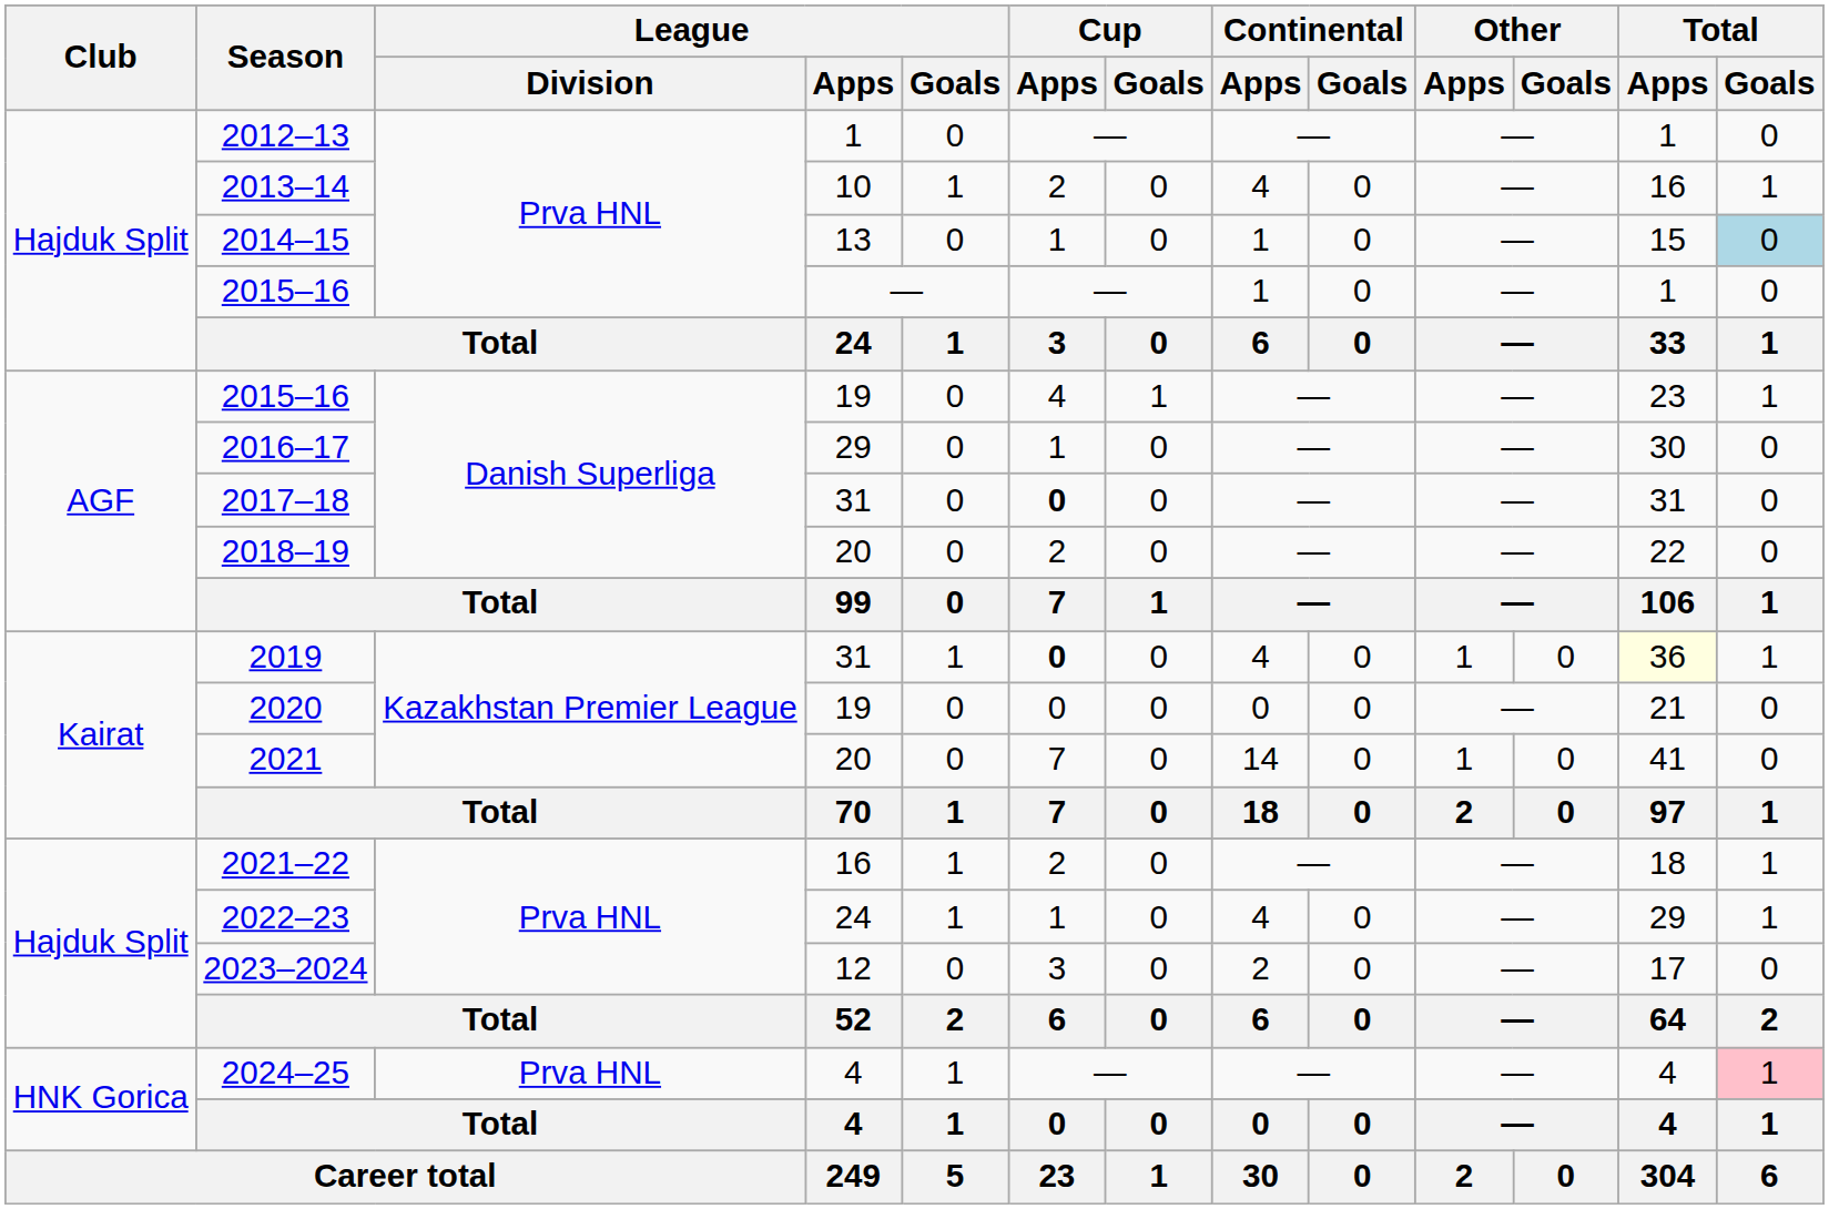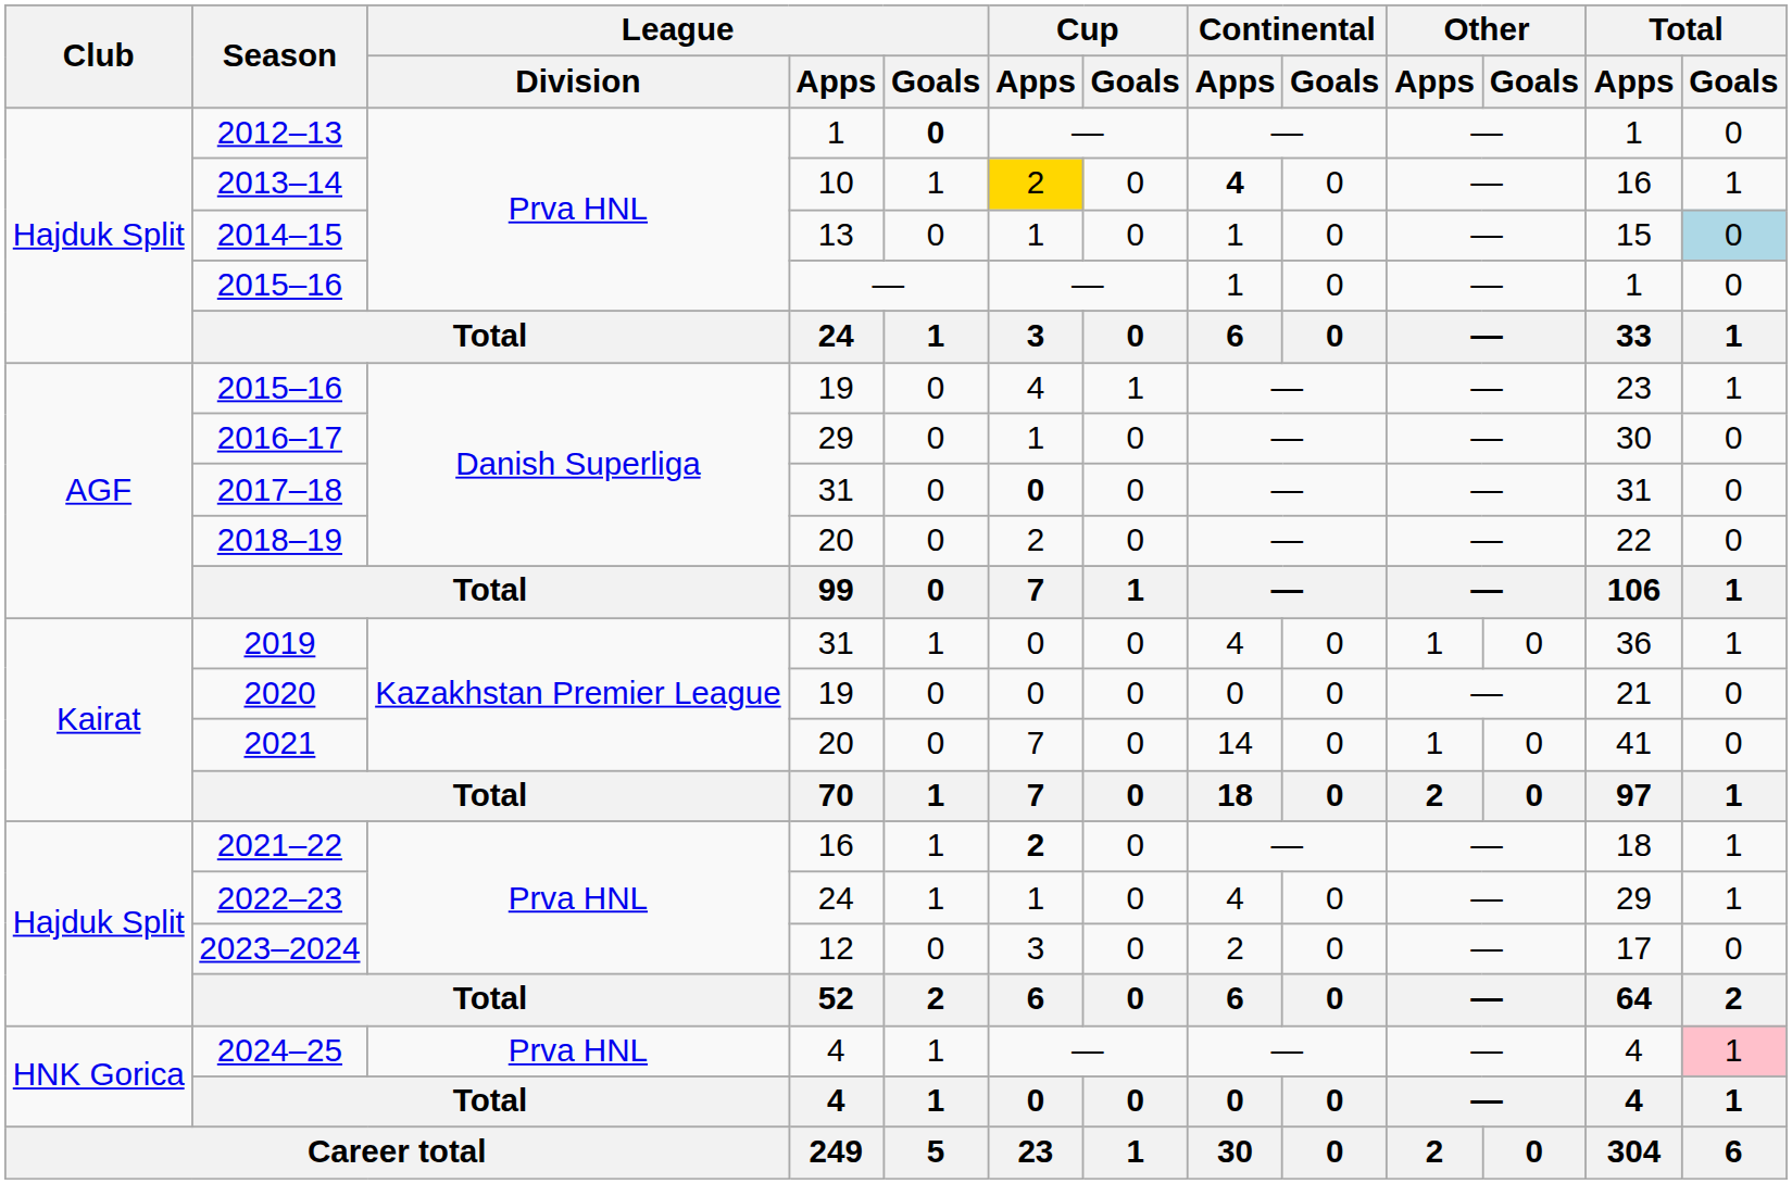 <table class="wikitable" style="text-align:center">
 <tr>
 <th rowspan="2">Club</th>
 <th rowspan="2">Season</th>
 <th colspan="3">League</th>
 <th colspan="2">Cup</th>
 <th colspan="2">Continental</th>
 <th colspan="2">Other</th>
 <th colspan="2">Total</th>
 </tr>
 <tr>
 <th>Division</th>
 <th>Apps</th>
 <th>Goals</th>
 <th>Apps</th>
 <th>Goals</th>
 <th>Apps</th>
 <th>Goals</th>
 <th>Apps</th>
 <th>Goals</th>
 <th>Apps</th>
 <th>Goals</th>
 </tr>
 <tr>
 <td rowspan="5"><a href='#'>Hajduk Split</a></td>
 <td><a href='#'>2012–13</a></td>
 <td rowspan="4"><a href='#'>Prva HNL</a></td>
 <td>1</td>
-<td>0</td>
+<td><strong>0</strong></td>
 <td colspan="2">—</td>
 <td colspan="2">—</td>
 <td colspan="2">—</td>
 <td>1</td>
 <td>0</td>
 </tr>
 <tr>
 <td><a href='#'>2013–14</a></td>
 <td>10</td>
 <td>1</td>
-<td>2</td>
+<td style="background: gold;">2</td>
 <td>0</td>
-<td>4</td>
+<td><strong>4</strong></td>
 <td>0</td>
 <td colspan="2">—</td>
 <td>16</td>
 <td>1</td>
 </tr>
 <tr>
 <td><a href='#'>2014–15</a></td>
 <td>13</td>
 <td>0</td>
 <td>1</td>
 <td>0</td>
 <td>1</td>
 <td>0</td>
 <td colspan="2">—</td>
 <td>15</td>
 <td style="background: lightblue;">0</td>
 </tr>
 <tr>
 <td><a href='#'>2015–16</a></td>
 <td colspan="2">—</td>
 <td colspan="2">—</td>
 <td>1</td>
 <td>0</td>
 <td colspan="2">—</td>
 <td>1</td>
 <td>0</td>
 </tr>
 <tr>
 <th colspan="2">Total</th>
 <th>24</th>
 <th>1</th>
 <th>3</th>
 <th>0</th>
 <th>6</th>
 <th>0</th>
 <th colspan="2">—</th>
 <th>33</th>
 <th>1</th>
 </tr>
 <tr>
 <td rowspan="5"><a href='#'>AGF</a></td>
 <td><a href='#'>2015–16</a></td>
 <td rowspan="4"><a href='#'>Danish Superliga</a></td>
 <td>19</td>
 <td>0</td>
 <td>4</td>
 <td>1</td>
 <td colspan="2">—</td>
 <td colspan="2">—</td>
 <td>23</td>
 <td>1</td>
 </tr>
 <tr>
 <td><a href='#'>2016–17</a></td>
 <td>29</td>
 <td>0</td>
 <td>1</td>
 <td>0</td>
 <td colspan="2">—</td>
 <td colspan="2">—</td>
 <td>30</td>
 <td>0</td>
 </tr>
 <tr>
 <td><a href='#'>2017–18</a></td>
 <td>31</td>
 <td>0</td>
 <td><strong>0</strong></td>
 <td>0</td>
 <td colspan="2">—</td>
 <td colspan="2">—</td>
 <td>31</td>
 <td>0</td>
 </tr>
 <tr>
 <td><a href='#'>2018–19</a></td>
 <td>20</td>
 <td>0</td>
 <td>2</td>
 <td>0</td>
 <td colspan="2">—</td>
 <td colspan="2">—</td>
 <td>22</td>
 <td>0</td>
 </tr>
 <tr>
 <th colspan="2">Total</th>
 <th>99</th>
 <th>0</th>
 <th>7</th>
 <th>1</th>
 <th colspan="2">—</th>
 <th colspan="2">—</th>
 <th>106</th>
 <th>1</th>
 </tr>
 <tr>
 <td rowspan="4"><a href='#'>Kairat</a></td>
 <td><a href='#'>2019</a></td>
 <td rowspan="3"><a href='#'>Kazakhstan Premier League</a></td>
 <td>31</td>
 <td>1</td>
-<td><strong>0</strong></td>
+<td>0</td>
 <td>0</td>
 <td>4</td>
 <td>0</td>
 <td>1</td>
 <td>0</td>
-<td style="background: lightyellow;">36</td>
+<td>36</td>
 <td>1</td>
 </tr>
 <tr>
 <td><a href='#'>2020</a></td>
 <td>19</td>
 <td>0</td>
 <td>0</td>
 <td>0</td>
 <td>0</td>
 <td>0</td>
 <td colspan="2">—</td>
 <td>21</td>
 <td>0</td>
 </tr>
 <tr>
 <td><a href='#'>2021</a></td>
 <td>20</td>
 <td>0</td>
 <td>7</td>
 <td>0</td>
 <td>14</td>
 <td>0</td>
 <td>1</td>
 <td>0</td>
 <td>41</td>
 <td>0</td>
 </tr>
 <tr>
 <th colspan="2">Total</th>
 <th>70</th>
 <th>1</th>
 <th>7</th>
 <th>0</th>
 <th>18</th>
 <th>0</th>
 <th>2</th>
 <th>0</th>
 <th>97</th>
 <th>1</th>
 </tr>
 <tr>
 <td rowspan="4"><a href='#'>Hajduk Split</a></td>
 <td><a href='#'>2021–22</a></td>
 <td rowspan="3"><a href='#'>Prva HNL</a></td>
 <td>16</td>
 <td>1</td>
-<td>2</td>
+<td><strong>2</strong></td>
 <td>0</td>
 <td colspan="2">—</td>
 <td colspan="2">—</td>
 <td>18</td>
 <td>1</td>
 </tr>
 <tr>
 <td><a href='#'>2022–23</a></td>
 <td>24</td>
 <td>1</td>
 <td>1</td>
 <td>0</td>
 <td>4</td>
 <td>0</td>
 <td colspan="2">—</td>
 <td>29</td>
 <td>1</td>
 </tr>
 <tr>
 <td><a href='#'>2023–2024</a></td>
 <td>12</td>
 <td>0</td>
 <td>3</td>
 <td>0</td>
 <td>2</td>
 <td>0</td>
 <td colspan="2">—</td>
 <td>17</td>
 <td>0</td>
 </tr>
 <tr>
 <th colspan="2">Total</th>
 <th>52</th>
 <th>2</th>
 <th>6</th>
 <th>0</th>
 <th>6</th>
 <th>0</th>
 <th colspan="2">—</th>
 <th>64</th>
 <th>2</th>
 </tr>
 <tr>
 <td rowspan="2"><a href='#'>HNK Gorica</a></td>
 <td><a href='#'>2024–25</a></td>
 <td rowspan="1"><a href='#'>Prva HNL</a></td>
 <td>4</td>
 <td>1</td>
 <td colspan="2">—</td>
 <td colspan="2">—</td>
 <td colspan="2">—</td>
 <td>4</td>
 <td style="background: pink;">1</td>
 </tr>
 <tr>
 <th colspan="2">Total</th>
 <th>4</th>
 <th>1</th>
 <th>0</th>
 <th>0</th>
 <th>0</th>
 <th>0</th>
 <th colspan="2">—</th>
 <th>4</th>
 <th>1</th>
 </tr>
 <tr>
 <th colspan="3">Career total</th>
 <th>249</th>
 <th>5</th>
 <th>23</th>
 <th>1</th>
 <th>30</th>
 <th>0</th>
 <th>2</th>
 <th>0</th>
 <th>304</th>
 <th>6</th>
 </tr>
 </table>
